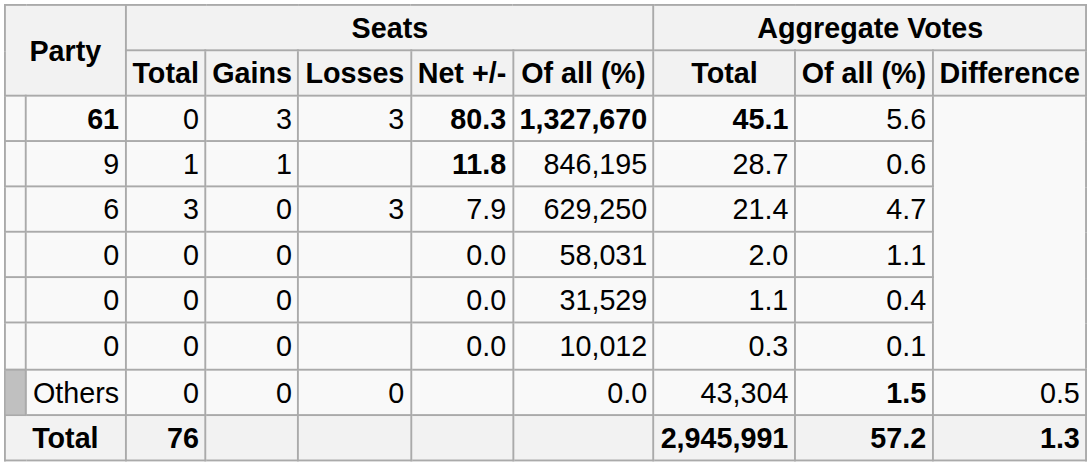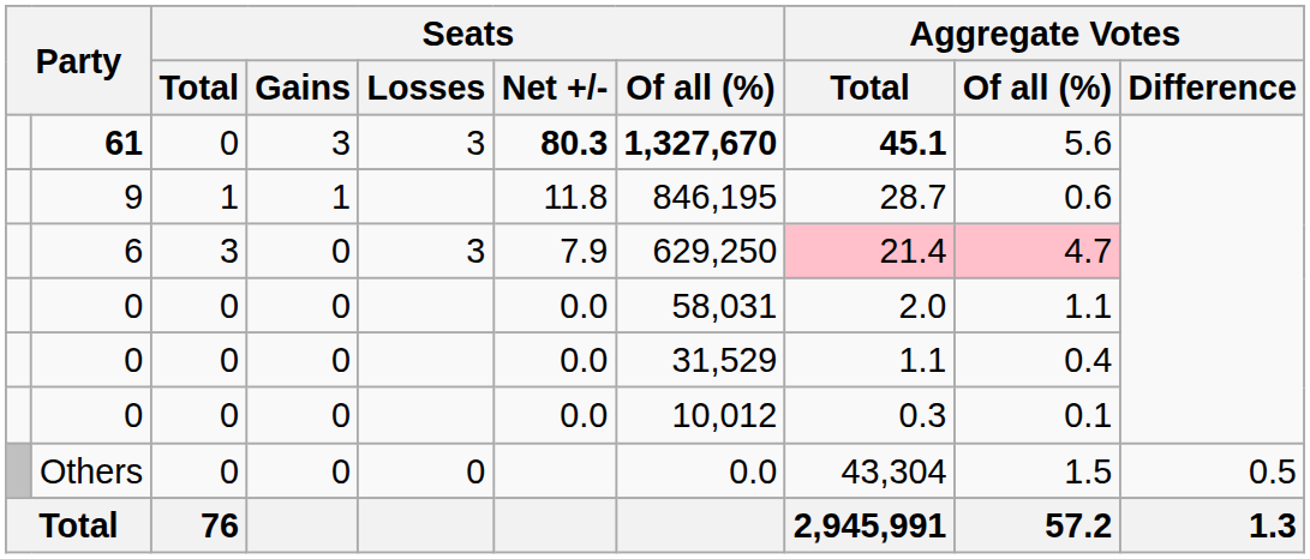 <table class="wikitable sortable" style="text-align:right; font-size:95%;">
 <tr>
 <th colspan="2" rowspan="2">Party</th>
 <th colspan="5">Seats</th>
 <th colspan="3">Aggregate Votes</th>
 </tr>
 <tr>
 <th>Total</th>
 <th>Gains</th>
 <th>Losses</th>
 <th>Net +/-</th>
 <th>Of all (%)</th>
 <th>Total</th>
 <th>Of all (%)</th>
 <th>Difference</th>
 </tr>
 <tr>
 <td></td>
 <td><strong>61</strong></td>
 <td>0</td>
 <td>3</td>
 <td>3</td>
 <td><strong>80.3</strong></td>
 <td><strong>1,327,670</strong></td>
 <td><strong>45.1</strong></td>
 <td>5.6</td>
 </tr>
 <tr>
 <td></td>
 <td>9</td>
 <td>1</td>
 <td>1</td>
 <td></td>
-<td><strong>11.8</strong></td>
+<td>11.8</td>
 <td>846,195</td>
 <td>28.7</td>
 <td>0.6</td>
 </tr>
 <tr>
 <td></td>
 <td>6</td>
 <td>3</td>
 <td>0</td>
 <td>3</td>
 <td>7.9</td>
 <td>629,250</td>
-<td>21.4</td>
-<td>4.7</td>
+<td style="background: pink;">21.4</td>
+<td style="background: pink;">4.7</td>
 </tr>
 <tr>
 <td></td>
 <td>0</td>
 <td>0</td>
 <td>0</td>
 <td></td>
 <td>0.0</td>
 <td>58,031</td>
 <td>2.0</td>
 <td>1.1</td>
 </tr>
 <tr>
 <td></td>
 <td>0</td>
 <td>0</td>
 <td>0</td>
 <td></td>
 <td>0.0</td>
 <td>31,529</td>
 <td>1.1</td>
 <td>0.4</td>
 </tr>
 <tr>
 <td></td>
 <td>0</td>
 <td>0</td>
 <td>0</td>
 <td></td>
 <td>0.0</td>
 <td>10,012</td>
 <td>0.3</td>
 <td>0.1</td>
 </tr>
 <tr>
 <td style="background:silver;"> </td>
 <td align=left>Others</td>
 <td>0</td>
 <td>0</td>
 <td>0</td>
 <td></td>
 <td>0.0</td>
 <td>43,304</td>
-<td><strong>1.5</strong></td>
+<td>1.5</td>
 <td>0.5</td>
 </tr>
 <tr class="sortbottom">
 <th colspan="2" style="background:#f2f2f2"><strong>Total</strong></th>
 <td style="background:#f2f2f2;"><strong>76</strong></td>
 <td style="background:#f2f2f2;"></td>
 <td style="background:#f2f2f2;"></td>
 <td style="background:#f2f2f2;"></td>
 <td style="background:#f2f2f2;"></td>
 <td style="background:#f2f2f2;"><strong>2,945,991</strong></td>
 <td style="background:#f2f2f2;"><strong>57.2</strong></td>
 <td style="background:#f2f2f2;"><strong>1.3</strong></td>
 </tr>
 </table>
